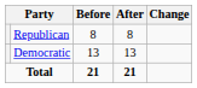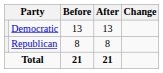 <table class="wikitable" style="text-align:center;">
 <tr>
 <th colspan="2">Party</th>
 <th>Before</th>
 <th>After</th>
 <th>Change</th>
 </tr>
 <tr>
 <th style="background-color:"></th>
-<td style="text-align:left;"><a href='#'>Republican</a></td>
-<td>8</td>
-<td>8</td>
+<td style="text-align:left;"><a href='#'>Democratic</a></td>
+<td>13</td>
+<td>13</td>
 <td></td>
 </tr>
 <tr>
 <th style="background-color:"></th>
-<td style="text-align:left;"><a href='#'>Democratic</a></td>
-<td>13</td>
-<td>13</td>
+<td style="text-align:left;"><a href='#'>Republican</a></td>
+<td>8</td>
+<td>8</td>
 <td></td>
 </tr>
 <tr>
 <td colspan="2"><strong>Total</strong></td>
 <td><strong>21</strong></td>
 <td><strong>21</strong></td>
 <td></td>
 </tr>
 </table>
